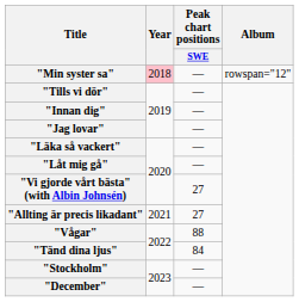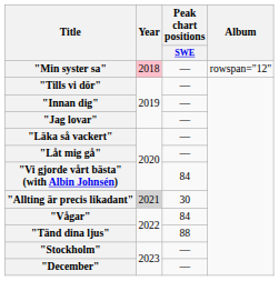 <table class="wikitable plainrowheaders" style="text-align:center;">
 <tr>
 <th scope="col" rowspan="2">Title</th>
 <th scope="col" rowspan="2">Year</th>
 <th scope="col" colspan="1">Peak chart positions</th>
 <th scope="col" rowspan="2">Album</th>
 </tr>
 <tr>
 <th scope="col" style="width:3em;font-size:85%;"><a href='#'>SWE</a><br></th>
 </tr>
 <tr>
 <th scope="row">"Min syster sa"</th>
 <td style="background: pink;">2018</td>
 <td>—</td>
 <td>rowspan="12" </td>
 </tr>
 <tr>
 <th scope="row">"Tills vi dör"</th>
 <td rowspan="3">2019</td>
 <td>—</td>
 </tr>
 <tr>
 <th scope="row">"Innan dig"</th>
 <td>—</td>
 </tr>
 <tr>
 <th scope="row">"Jag lovar"</th>
 <td>—</td>
 </tr>
 <tr>
 <th scope="row">"Läka så vackert"</th>
 <td rowspan="3">2020</td>
 <td>—</td>
 </tr>
 <tr>
 <th scope="row">"Låt mig gå"</th>
 <td>—</td>
 </tr>
 <tr>
 <th scope="row">"Vi gjorde vårt bästa"<br>(with <a href='#'>Albin Johnsén</a>)</th>
-<td>27</td>
+<td>84<br></td>
 </tr>
 <tr>
 <th scope="row">"Allting är precis likadant"</th>
-<td>2021</td>
-<td>27</td>
+<td style="background: lightgrey;">2021</td>
+<td>30<br></td>
 </tr>
 <tr>
 <th scope="row">"Vågar"</th>
 <td rowspan="2">2022</td>
-<td>88<br></td>
+<td>84<br></td>
 </tr>
 <tr>
 <th scope="row">"Tänd dina ljus"</th>
-<td>84<br></td>
+<td>88<br></td>
 </tr>
 <tr>
 <th scope="row">"Stockholm"</th>
 <td rowspan="2">2023</td>
 <td>—</td>
 </tr>
 <tr>
 <th scope="row">"December"</th>
 <td>—</td>
 </tr>
 </table>
